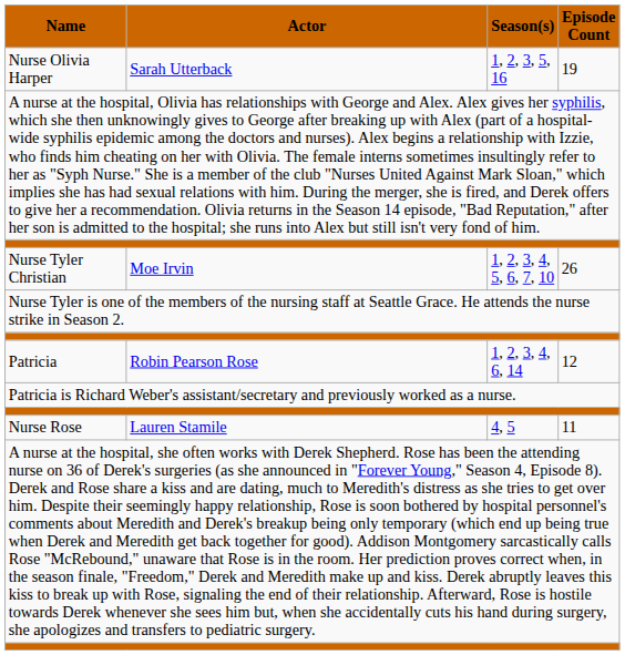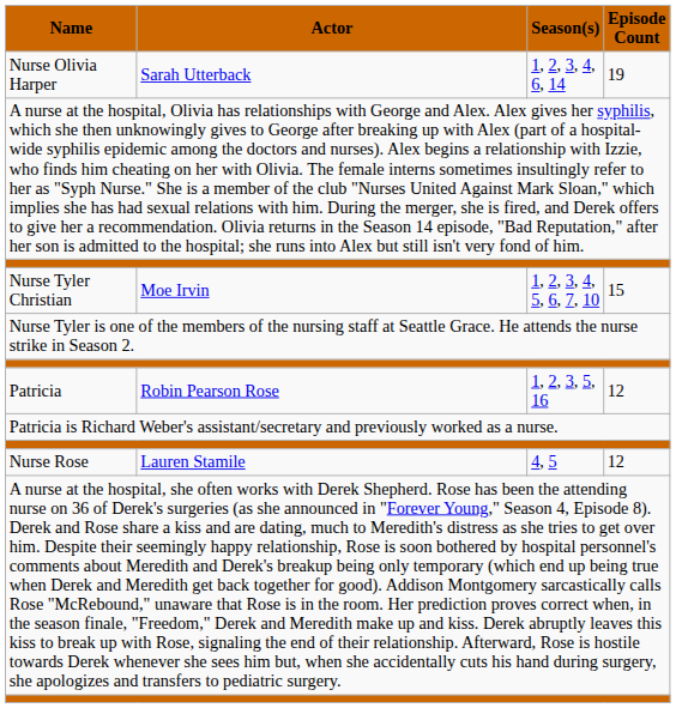 <table class="wikitable" style="width:100%; margin-right:auto;">
 <tr>
 <th style="background-color:#CC6600; width:20%">Name</th>
 <th style="background-color:#CC6600; width:60%">Actor</th>
 <th style="background-color:#CC6600; width:10%">Season(s)</th>
 <th style="background-color:#CC6600; width:10%">Episode Count</th>
 </tr>
 <tr>
 <td>Nurse Olivia Harper</td>
 <td><a href='#'>Sarah Utterback</a></td>
-<td><a href='#'>1</a>, <a href='#'>2</a>, <a href='#'>3</a>, <a href='#'>5</a>, <a href='#'>16</a></td>
+<td><a href='#'>1</a>, <a href='#'>2</a>, <a href='#'>3</a>, <a href='#'>4</a>, <a href='#'>6</a>, <a href='#'>14</a></td>
 <td>19</td>
 </tr>
 <tr>
 <td colspan="5">A nurse at the hospital, Olivia has relationships with George and Alex. Alex gives her <a href='#'>syphilis</a>, which she then unknowingly gives to George after breaking up with Alex (part of a hospital-wide syphilis epidemic among the doctors and nurses). Alex begins a relationship with Izzie, who finds him cheating on her with Olivia. The female interns sometimes insultingly refer to her as "Syph Nurse." She is a member of the club "Nurses United Against Mark Sloan," which implies she has had sexual relations with him. During the merger, she is fired, and Derek offers to give her a recommendation. Olivia returns in the Season 14 episode, "Bad Reputation," after her son is admitted to the hospital; she runs into Alex but still isn't very fond of him.</td>
 </tr>
 <tr>
 <td colspan="5" bgcolor="#CC6600"></td>
 </tr>
 <tr>
 <td>Nurse Tyler Christian</td>
 <td><a href='#'>Moe Irvin</a></td>
 <td><a href='#'>1</a>, <a href='#'>2</a>, <a href='#'>3</a>, <a href='#'>4</a>, <a href='#'>5</a>, <a href='#'>6</a>, <a href='#'>7</a>, <a href='#'>10</a></td>
-<td>26</td>
+<td>15</td>
 </tr>
 <tr>
 <td colspan="5">Nurse Tyler is one of the members of the nursing staff at Seattle Grace. He attends the nurse strike in Season 2.</td>
 </tr>
 <tr>
 <td colspan="5" bgcolor="#CC6600"></td>
 </tr>
 <tr>
 <td>Patricia</td>
 <td><a href='#'>Robin Pearson Rose</a></td>
-<td><a href='#'>1</a>, <a href='#'>2</a>, <a href='#'>3</a>, <a href='#'>4</a>, <a href='#'>6</a>, <a href='#'>14</a></td>
+<td><a href='#'>1</a>, <a href='#'>2</a>, <a href='#'>3</a>, <a href='#'>5</a>, <a href='#'>16</a></td>
 <td>12</td>
 </tr>
 <tr>
 <td colspan="5">Patricia is Richard Weber's assistant/secretary and previously worked as a nurse.</td>
 </tr>
 <tr>
 <td colspan="5" bgcolor="#CC6600"></td>
 </tr>
 <tr>
 <td>Nurse Rose</td>
 <td><a href='#'>Lauren Stamile</a></td>
 <td><a href='#'>4</a>, <a href='#'>5</a></td>
-<td>11</td>
+<td>12</td>
 </tr>
 <tr>
 <td colspan="5">A nurse at the hospital, she often works with Derek Shepherd. Rose has been the attending nurse on 36 of Derek's surgeries (as she announced in "<a href='#'>Forever Young</a>," Season 4, Episode 8). Derek and Rose share a kiss and are dating, much to Meredith's distress as she tries to get over him. Despite their seemingly happy relationship, Rose is soon bothered by hospital personnel's comments about Meredith and Derek's breakup being only temporary (which end up being true when Derek and Meredith get back together for good). Addison Montgomery sarcastically calls Rose "McRebound," unaware that Rose is in the room. Her prediction proves correct when, in the season finale, "Freedom," Derek and Meredith make up and kiss. Derek abruptly leaves this kiss to break up with Rose, signaling the end of their relationship. Afterward, Rose is hostile towards Derek whenever she sees him but, when she accidentally cuts his hand during surgery, she apologizes and transfers to pediatric surgery.</td>
 </tr>
 <tr>
 <td colspan="5" bgcolor="#CC6600"></td>
 </tr>
 </table>
